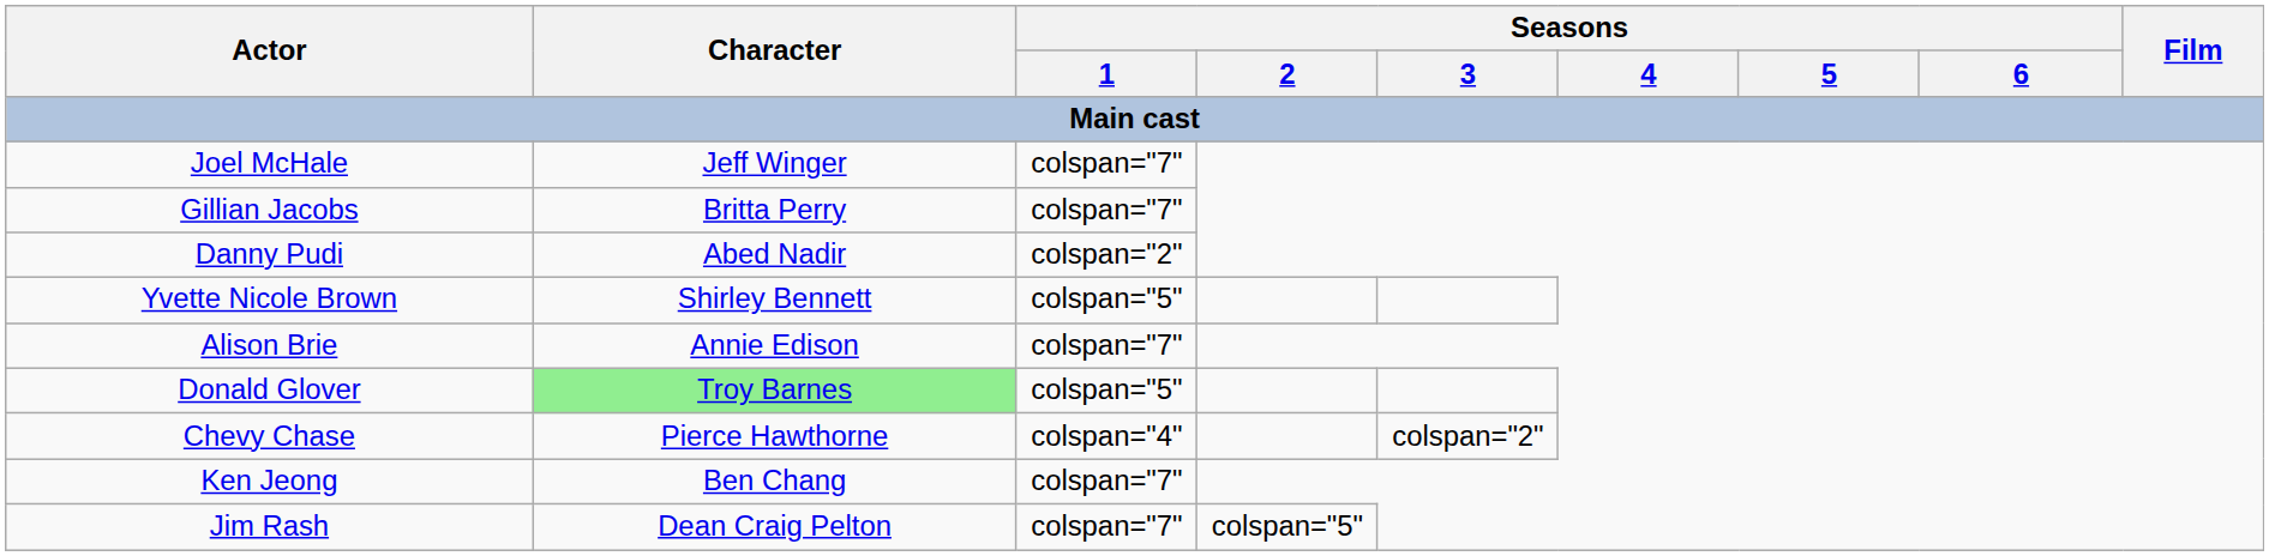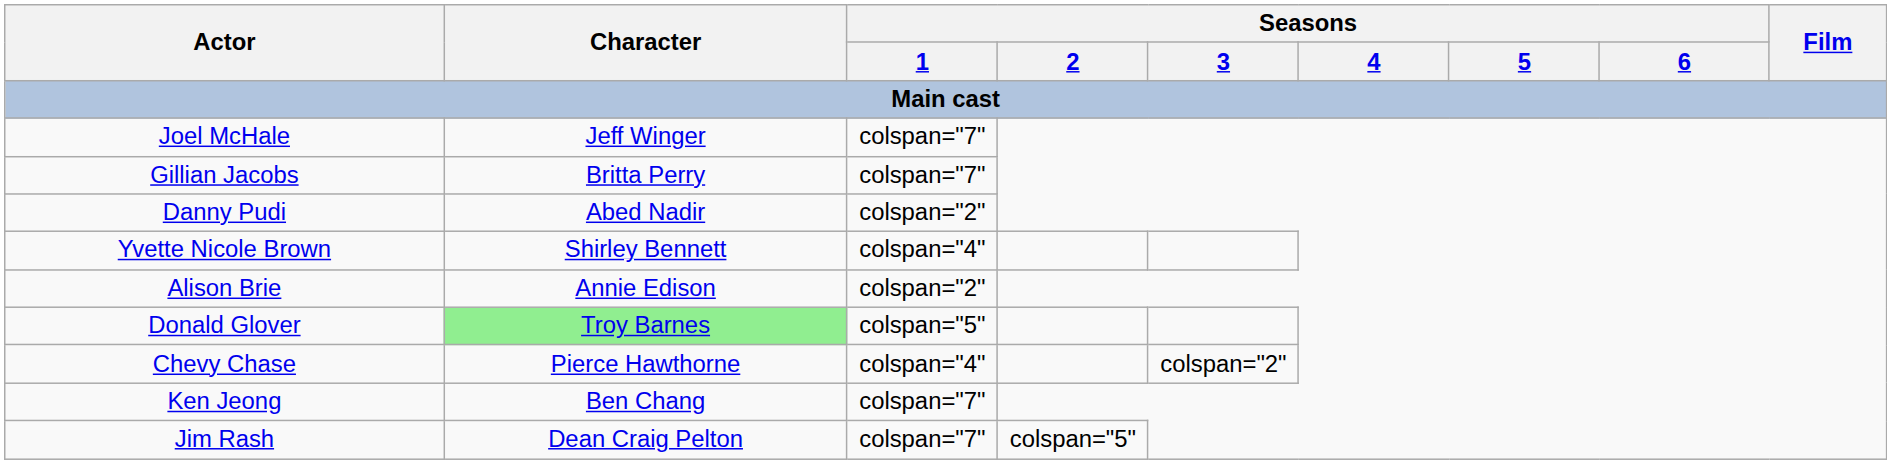 <table class="wikitable plainrowheaders" style="text-align:center;" width="100%">
 <tr>
 <th scope="col" rowspan="2">Actor</th>
 <th scope="col" rowspan="2">Character</th>
 <th scope="col" colspan="6">Seasons</th>
 <th scope="col" rowspan="2"><a href='#'>Film</a></th>
 </tr>
 <tr>
 <th scope="col" style="width:8%;"><a href='#'>1</a></th>
 <th scope="col" style="width:8%;"><a href='#'>2</a></th>
 <th scope="col" style="width:8%;"><a href='#'>3</a></th>
 <th scope="col" style="width:8%;"><a href='#'>4</a></th>
 <th scope="col" style="width:8%;"><a href='#'>5</a></th>
 <th scope="col" style="width:9%;"><a href='#'>6</a></th>
 </tr>
 <tr>
 <th colspan="9" style="background: LightSteelBlue;">Main cast</th>
 </tr>
 <tr>
 <td><a href='#'>Joel McHale</a></td>
 <td><a href='#'>Jeff Winger</a></td>
 <td>colspan="7" </td>
 </tr>
 <tr>
 <td><a href='#'>Gillian Jacobs</a></td>
 <td><a href='#'>Britta Perry</a></td>
 <td>colspan="7" </td>
 </tr>
 <tr>
 <td><a href='#'>Danny Pudi</a></td>
 <td><a href='#'>Abed Nadir</a></td>
 <td>colspan="2" </td>
 </tr>
 <tr>
 <td><a href='#'>Yvette Nicole Brown</a></td>
 <td><a href='#'>Shirley Bennett</a></td>
-<td>colspan="5" </td>
+<td>colspan="4" </td>
 <td></td>
 <td></td>
 </tr>
 <tr>
 <td><a href='#'>Alison Brie</a></td>
 <td><a href='#'>Annie Edison</a></td>
-<td>colspan="7" </td>
+<td>colspan="2" </td>
 </tr>
 <tr>
 <td><a href='#'>Donald Glover</a></td>
 <td style="background: lightgreen;"><a href='#'>Troy Barnes</a></td>
 <td>colspan="5" </td>
 <td></td>
 <td></td>
 </tr>
 <tr>
 <td><a href='#'>Chevy Chase</a></td>
 <td><a href='#'>Pierce Hawthorne</a></td>
 <td>colspan="4" </td>
 <td></td>
 <td>colspan="2" </td>
 </tr>
 <tr>
 <td><a href='#'>Ken Jeong</a></td>
 <td><a href='#'>Ben Chang</a></td>
 <td>colspan="7" </td>
 </tr>
 <tr>
 <td><a href='#'>Jim Rash</a></td>
 <td><a href='#'>Dean Craig Pelton</a></td>
 <td>colspan="7" </td>
 <td>colspan="5" </td>
 </tr>
 </table>
